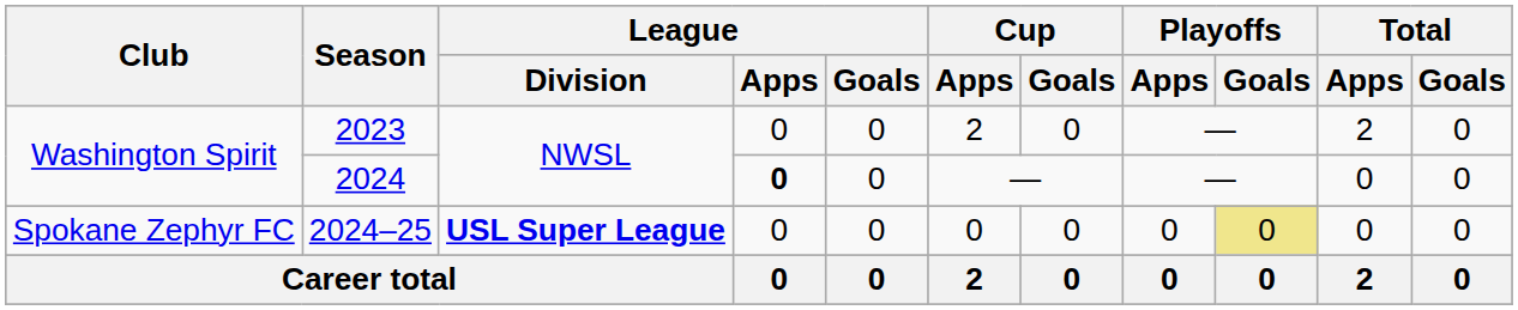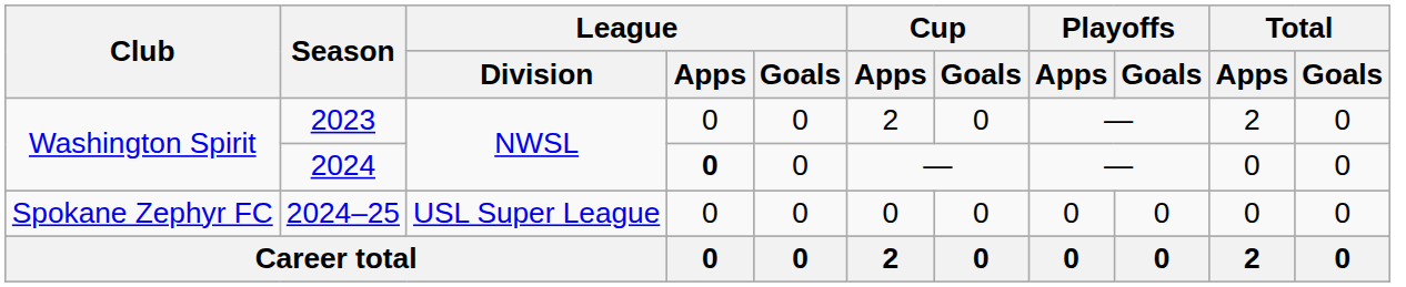 <table class="wikitable" style="text-align: center;">
 <tr>
 <th rowspan=2 scope="col">Club</th>
 <th rowspan=2 scope="col">Season</th>
 <th colspan=3 scope="col">League</th>
 <th colspan=2 scope="col">Cup</th>
 <th colspan=2 scope="col">Playoffs</th>
 <th colspan=2 scope="col">Total</th>
 </tr>
 <tr>
 <th>Division</th>
 <th>Apps</th>
 <th>Goals</th>
 <th>Apps</th>
 <th>Goals</th>
 <th>Apps</th>
 <th>Goals</th>
 <th>Apps</th>
 <th>Goals</th>
 </tr>
 <tr>
 <td rowspan=2><a href='#'>Washington Spirit</a></td>
 <td><a href='#'>2023</a></td>
 <td rowspan=2><a href='#'>NWSL</a></td>
 <td>0</td>
 <td>0</td>
 <td>2</td>
 <td>0</td>
 <td colspan=2>—</td>
 <td>2</td>
 <td>0</td>
 </tr>
 <tr>
 <td><a href='#'>2024</a></td>
 <td><strong>0</strong></td>
 <td>0</td>
 <td colspan=2>—</td>
 <td colspan=2>—</td>
 <td>0</td>
 <td>0</td>
 </tr>
 <tr>
 <td><a href='#'>Spokane Zephyr FC</a></td>
 <td><a href='#'>2024–25</a></td>
-<td><strong><a href='#'>USL Super League</a></strong></td>
+<td><a href='#'>USL Super League</a></td>
 <td>0</td>
 <td>0</td>
 <td>0</td>
 <td>0</td>
 <td>0</td>
-<td style="background: khaki;">0</td>
+<td>0</td>
 <td>0</td>
 <td>0</td>
 </tr>
 <tr>
 <th colspan=3>Career total</th>
 <th>0</th>
 <th>0</th>
 <th>2</th>
 <th>0</th>
 <th>0</th>
 <th>0</th>
 <th>2</th>
 <th>0</th>
 </tr>
 </table>
